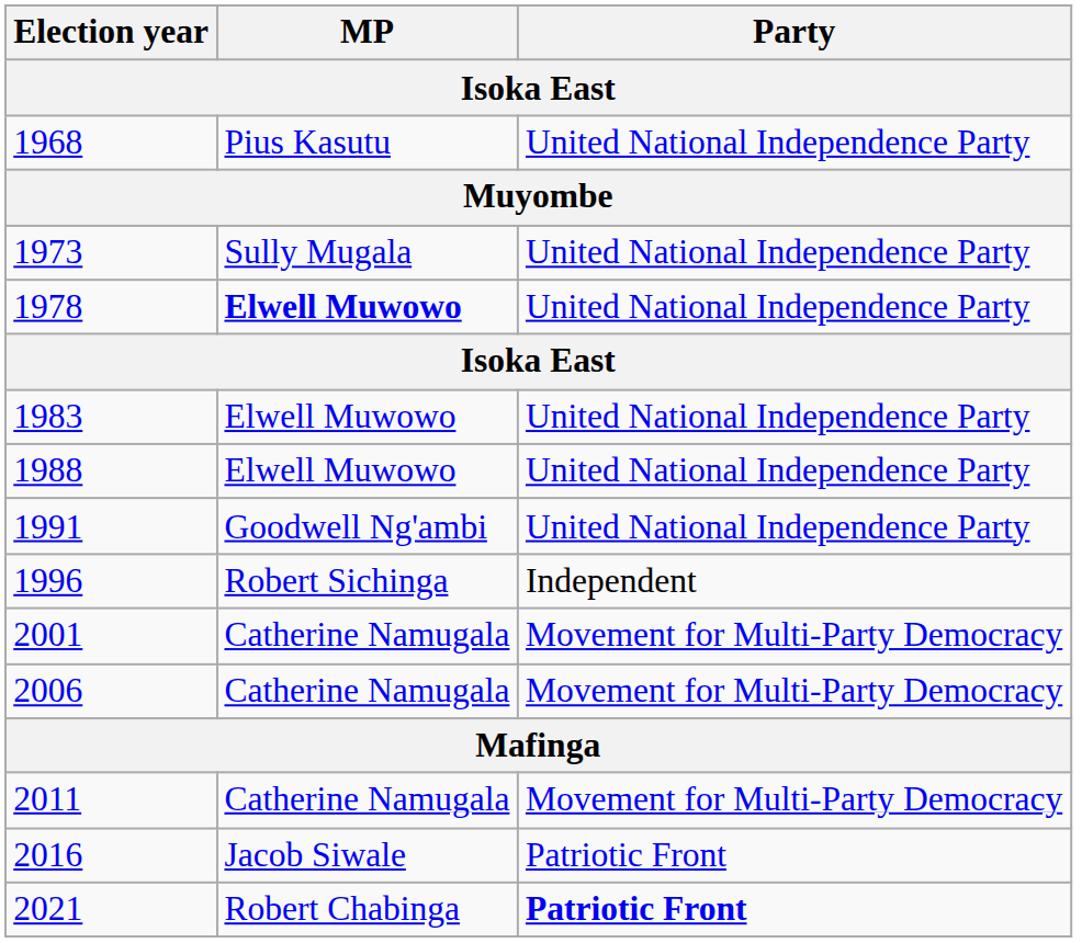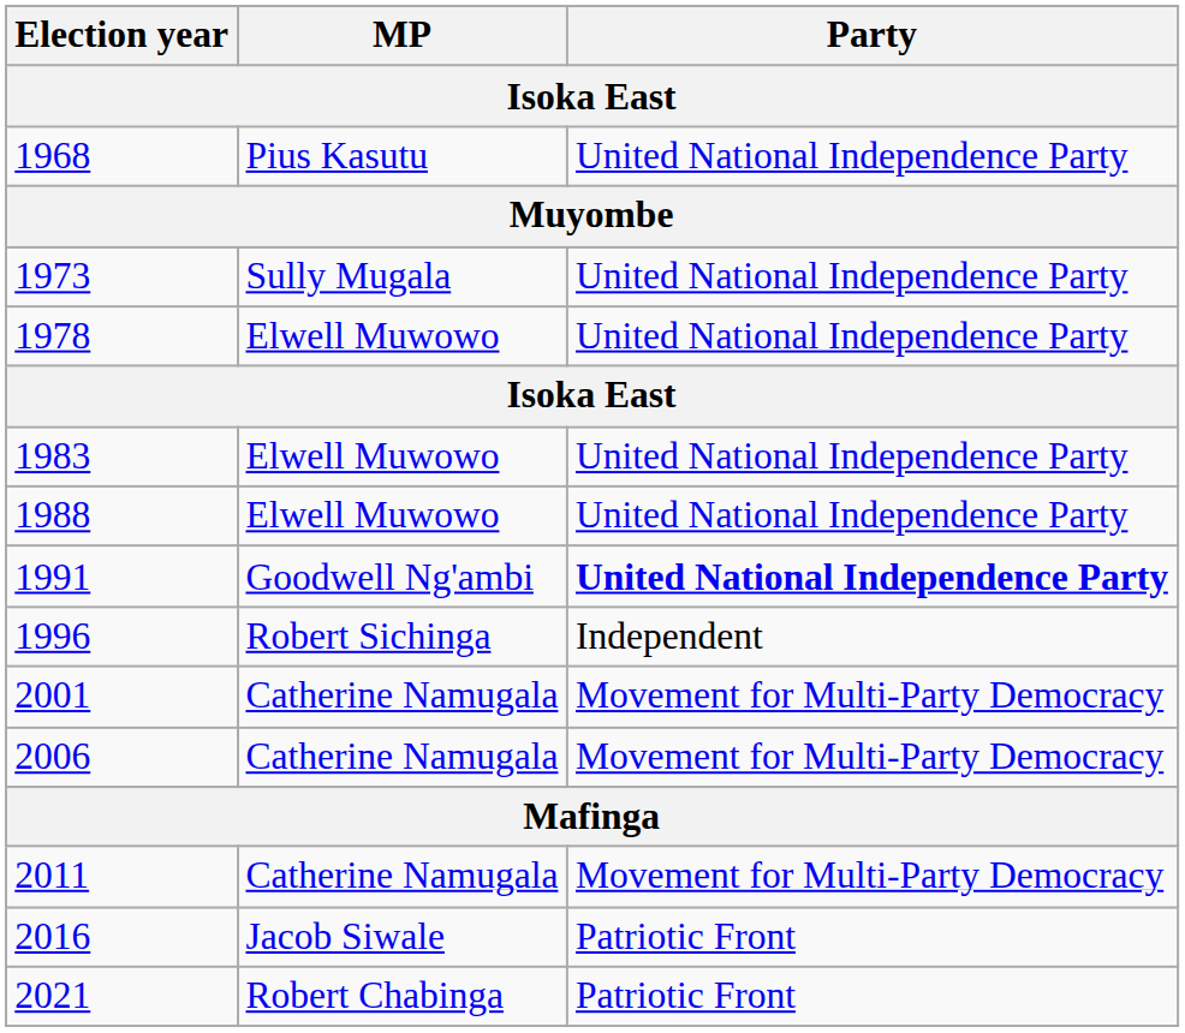 <table class=wikitable>
 <tr>
 <th>Election year</th>
 <th>MP</th>
 <th>Party</th>
 </tr>
 <tr>
 <th colspan=3>Isoka East</th>
 </tr>
 <tr>
 <td><a href='#'>1968</a></td>
 <td><a href='#'>Pius Kasutu</a></td>
 <td><a href='#'>United National Independence Party</a></td>
 </tr>
 <tr>
 <th colspan=3>Muyombe</th>
 </tr>
 <tr>
 <td><a href='#'>1973</a></td>
 <td><a href='#'>Sully Mugala</a></td>
 <td><a href='#'>United National Independence Party</a></td>
 </tr>
 <tr>
 <td><a href='#'>1978</a></td>
-<td><strong><a href='#'>Elwell Muwowo</a></strong></td>
+<td><a href='#'>Elwell Muwowo</a></td>
 <td><a href='#'>United National Independence Party</a></td>
 </tr>
 <tr>
 <th colspan=3>Isoka East</th>
 </tr>
 <tr>
 <td><a href='#'>1983</a></td>
 <td><a href='#'>Elwell Muwowo</a></td>
 <td><a href='#'>United National Independence Party</a></td>
 </tr>
 <tr>
 <td><a href='#'>1988</a></td>
 <td><a href='#'>Elwell Muwowo</a></td>
 <td><a href='#'>United National Independence Party</a></td>
 </tr>
 <tr>
 <td><a href='#'>1991</a></td>
 <td><a href='#'>Goodwell Ng'ambi</a></td>
-<td><a href='#'>United National Independence Party</a></td>
+<td><strong><a href='#'>United National Independence Party</a></strong></td>
 </tr>
 <tr>
 <td><a href='#'>1996</a></td>
 <td><a href='#'>Robert Sichinga</a></td>
 <td>Independent</td>
 </tr>
 <tr>
 <td><a href='#'>2001</a></td>
 <td><a href='#'>Catherine Namugala</a></td>
 <td><a href='#'>Movement for Multi-Party Democracy</a></td>
 </tr>
 <tr>
 <td><a href='#'>2006</a></td>
 <td><a href='#'>Catherine Namugala</a></td>
 <td><a href='#'>Movement for Multi-Party Democracy</a></td>
 </tr>
 <tr>
 <th colspan=3>Mafinga</th>
 </tr>
 <tr>
 <td><a href='#'>2011</a></td>
 <td><a href='#'>Catherine Namugala</a></td>
 <td><a href='#'>Movement for Multi-Party Democracy</a></td>
 </tr>
 <tr>
 <td><a href='#'>2016</a></td>
 <td><a href='#'>Jacob Siwale</a></td>
 <td><a href='#'>Patriotic Front</a></td>
 </tr>
 <tr>
 <td><a href='#'>2021</a></td>
 <td><a href='#'>Robert Chabinga</a></td>
-<td><strong><a href='#'>Patriotic Front</a></strong></td>
+<td><a href='#'>Patriotic Front</a></td>
 </tr>
 </table>
